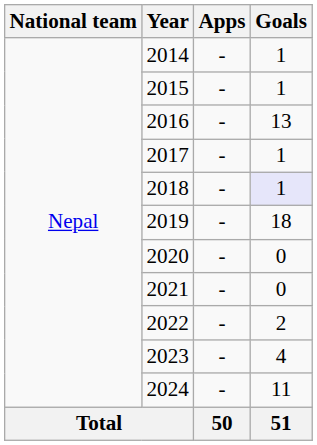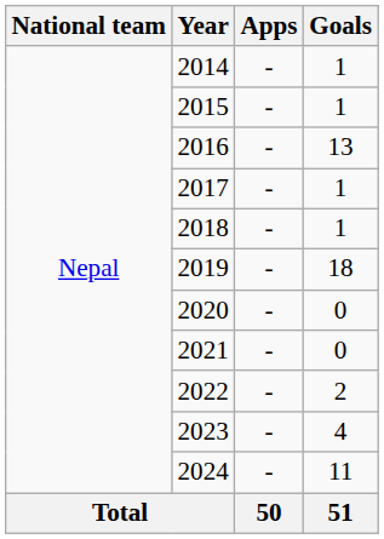 <table class="wikitable" style="text-align:center">
 <tr>
 <th>National team</th>
 <th>Year</th>
 <th>Apps</th>
 <th>Goals</th>
 </tr>
 <tr>
 <td rowspan="11"><a href='#'>Nepal</a></td>
 <td>2014</td>
 <td>-</td>
 <td>1</td>
 </tr>
 <tr>
 <td>2015</td>
 <td>-</td>
 <td>1</td>
 </tr>
 <tr>
 <td>2016</td>
 <td>-</td>
 <td>13</td>
 </tr>
 <tr>
 <td>2017</td>
 <td>-</td>
 <td>1</td>
 </tr>
 <tr>
 <td>2018</td>
 <td>-</td>
-<td style="background: lavender;">1</td>
+<td>1</td>
 </tr>
 <tr>
 <td>2019</td>
 <td>-</td>
 <td>18</td>
 </tr>
 <tr>
 <td>2020</td>
 <td>-</td>
 <td>0</td>
 </tr>
 <tr>
 <td>2021</td>
 <td>-</td>
 <td>0</td>
 </tr>
 <tr>
 <td>2022</td>
 <td>-</td>
 <td>2</td>
 </tr>
 <tr>
 <td>2023</td>
 <td>-</td>
 <td>4</td>
 </tr>
 <tr>
 <td>2024</td>
 <td>-</td>
 <td>11</td>
 </tr>
 <tr>
 <th colspan="2">Total</th>
 <th>50</th>
 <th>51</th>
 </tr>
 </table>
